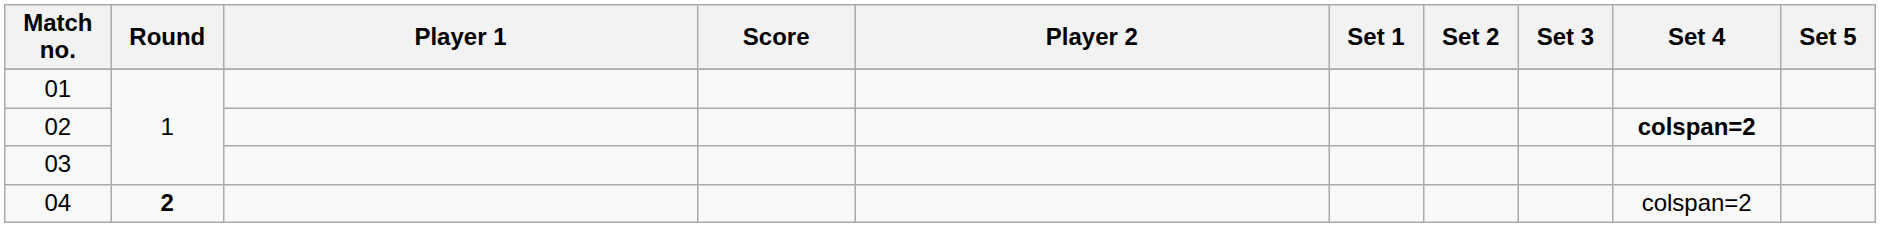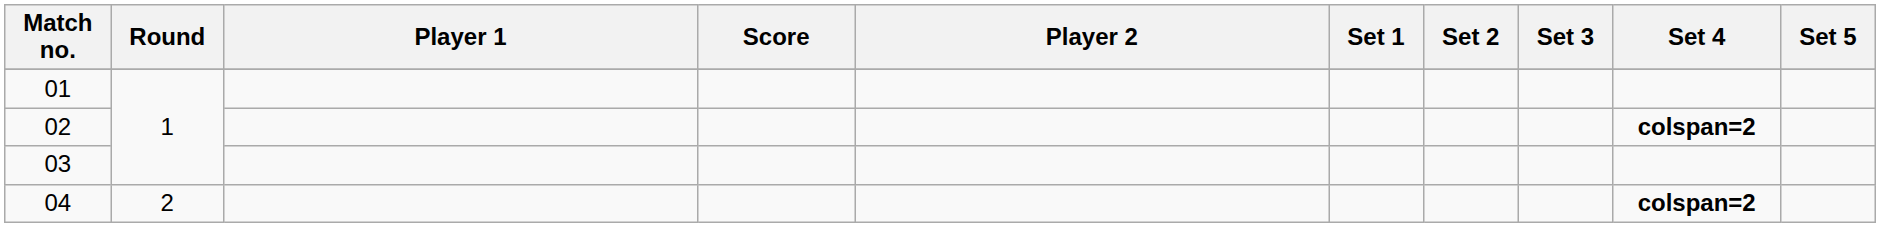 <table class="wikitable" style="text-align: center;">
 <tr>
 <th width="2%">Match no.</th>
 <th width="2%">Round</th>
 <th width="15%">Player 1</th>
 <th width="5%">Score</th>
 <th width="15%">Player 2</th>
 <th width="3%">Set 1</th>
 <th width="3%">Set 2</th>
 <th width="3%">Set 3</th>
 <th width="3%">Set 4</th>
 <th width="3%">Set 5</th>
 </tr>
 <tr>
 </tr>
 <tr style=text-align:center;>
 <td>01</td>
 <td rowspan=3>1</td>
 <td></td>
 <td></td>
 <td></td>
 <td></td>
 <td></td>
 <td></td>
 <td></td>
 <td></td>
 </tr>
 <tr style=text-align:center;>
 <td>02</td>
 <td></td>
 <td></td>
 <td></td>
 <td></td>
 <td></td>
 <td></td>
 <td><strong>colspan=2</strong></td>
 </tr>
 <tr style=text-align:center;>
 <td>03</td>
 <td></td>
 <td></td>
 <td></td>
 <td></td>
 <td></td>
 <td></td>
 <td></td>
 <td></td>
 </tr>
 <tr style=text-align:center;>
 <td>04</td>
-<td><strong>2</strong></td>
+<td>2</td>
 <td></td>
 <td></td>
 <td></td>
 <td></td>
 <td></td>
 <td></td>
-<td>colspan=2</td>
+<td><strong>colspan=2</strong></td>
 </tr>
 </table>
